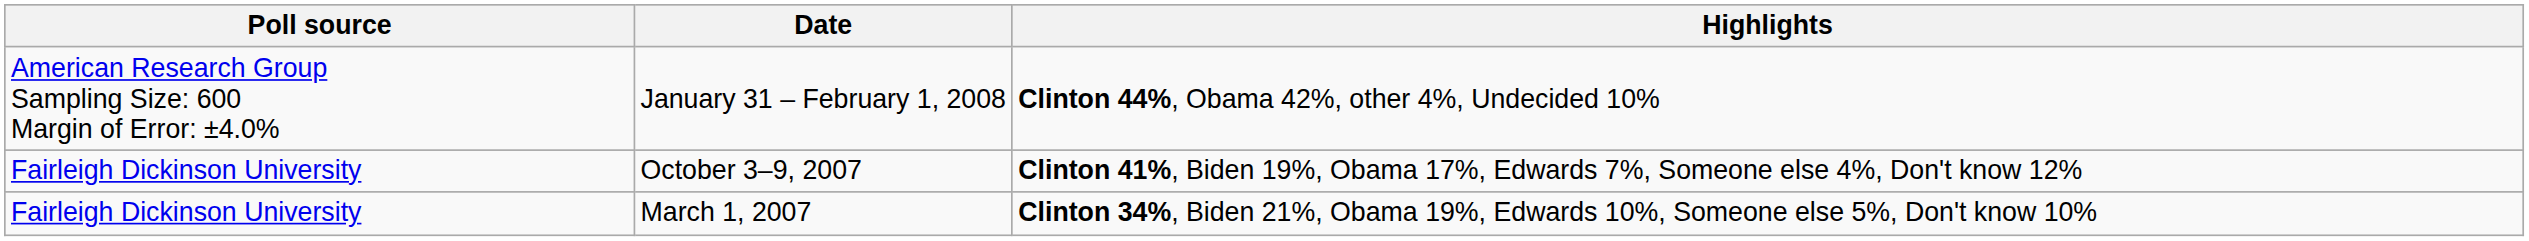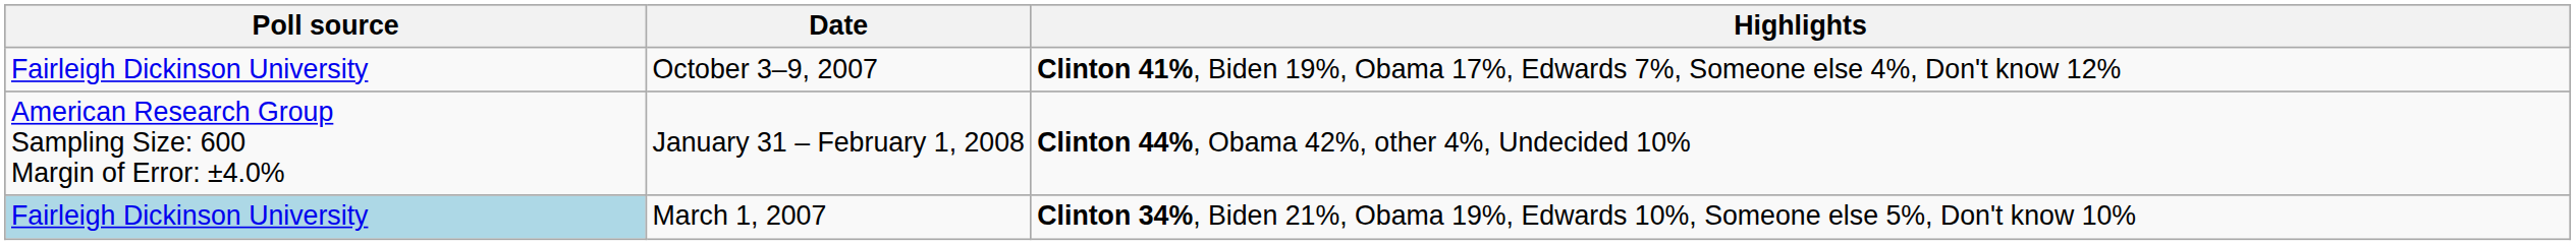 <table class="wikitable sortable">
 <tr>
 <th width="25%">Poll source</th>
 <th width="15%">Date</th>
 <th width="60%">Highlights</th>
 </tr>
 <tr>
+<td><a href='#'>Fairleigh Dickinson University</a></td>
+<td>October 3–9, 2007</td>
+<td><strong>Clinton 41%</strong>, Biden 19%, Obama 17%, Edwards 7%, Someone else 4%, Don't know 12%</td>
+</tr>
+<tr>
 <td><a href='#'>American Research Group</a><br>Sampling Size: 600<br> Margin of Error: ±4.0%</td>
 <td>January 31 – February 1, 2008</td>
 <td><strong>Clinton 44%</strong>, Obama 42%, other 4%, Undecided 10%</td>
 </tr>
 <tr>
-<td><a href='#'>Fairleigh Dickinson University</a></td>
-<td>October 3–9, 2007</td>
-<td><strong>Clinton 41%</strong>, Biden 19%, Obama 17%, Edwards 7%, Someone else 4%, Don't know 12%</td>
-</tr>
-<tr>
-<td><a href='#'>Fairleigh Dickinson University</a></td>
+<td style="background: lightblue;"><a href='#'>Fairleigh Dickinson University</a></td>
 <td>March 1, 2007</td>
 <td><strong>Clinton 34%</strong>, Biden 21%, Obama 19%, Edwards 10%, Someone else 5%, Don't know 10%</td>
 </tr>
 </table>
